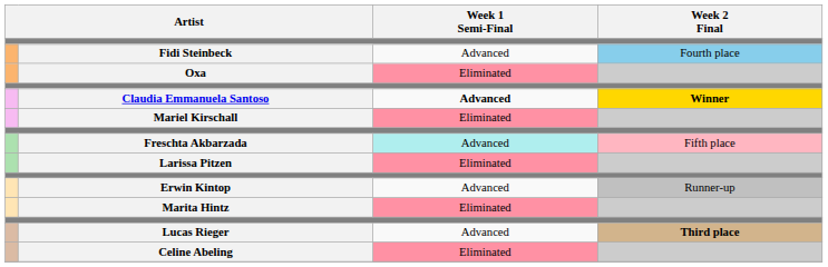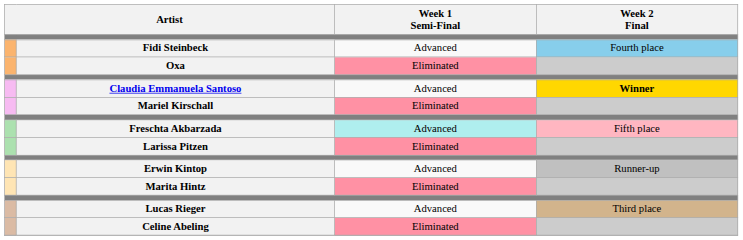 <table class="wikitable" style="font-size:90%; text-align:center" width="50%">
 <tr>
 <th style="width:18%" colspan="2" scope="col">Artist</th>
 <th style="width:11%" colspan="1" scope="col">Week 1<br>Semi-Final</th>
 <th style="width:11%" colspan="1" scope="col">Week 2<br>Final</th>
 </tr>
 <tr>
 <th colspan="7" style="background:grey;"></th>
 </tr>
 <tr>
 <th style="background:#fbb46e;"></th>
 <th>Fidi Steinbeck</th>
 <td>Advanced</td>
 <td style="background:skyblue;">Fourth place</td>
 </tr>
 <tr>
 <th style="background:#fbb46e;"></th>
 <th>Oxa</th>
 <td style="background:#FF91A4;">Eliminated</td>
 <td style="background:#ccc;"></td>
 </tr>
 <tr>
 <th colspan="7" style="background:grey;"></th>
 </tr>
 <tr>
 <th style="background:#f7bbf2"></th>
 <th><a href='#'>Claudia Emmanuela Santoso</a></th>
-<td><strong>Advanced</strong></td>
+<td>Advanced</td>
 <td style="background:gold;"><strong>Winner</strong></td>
 </tr>
 <tr>
 <th style="background:#f7bbf2"></th>
 <th>Mariel Kirschall</th>
 <td style="background:#FF91A4;">Eliminated</td>
 <td style="background:#ccc;"></td>
 </tr>
 <tr>
 <th colspan="7" style="background:grey;"></th>
 </tr>
 <tr>
 <th style="background:#ace1af;"></th>
 <th>Freschta Akbarzada</th>
 <td style="background: paleturquoise;">Advanced</td>
 <td style="background:lightpink;">Fifth place</td>
 </tr>
 <tr>
 <th style="background:#ace1af;"></th>
 <th>Larissa Pitzen</th>
 <td style="background:#FF91A4;">Eliminated</td>
 <td style="background:#ccc;"></td>
 </tr>
 <tr>
 <th colspan="7" style="background:grey;"></th>
 </tr>
 <tr>
 <th style="background:#ffe5b4;"></th>
 <th>Erwin Kintop</th>
 <td>Advanced</td>
 <td style="background:silver;">Runner-up</td>
 </tr>
 <tr>
 <th style="background:#ffe5b4;"></th>
 <th>Marita Hintz</th>
 <td style="background:#FF91A4;">Eliminated</td>
 <td style="background:#ccc;"></td>
 </tr>
 <tr>
 <th colspan="7" style="background:grey;"></th>
 </tr>
 <tr>
 <th style="background:#dbbba4;"></th>
 <th>Lucas Rieger</th>
 <td>Advanced</td>
-<td style="background:tan;"><strong>Third place</strong></td>
+<td style="background:tan;">Third place</td>
 </tr>
 <tr>
 <th style="background:#dbbba4;"></th>
 <th>Celine Abeling</th>
 <td style="background:#FF91A4;">Eliminated</td>
 <td style="background:#ccc;"></td>
 </tr>
 <tr>
 </tr>
 </table>
